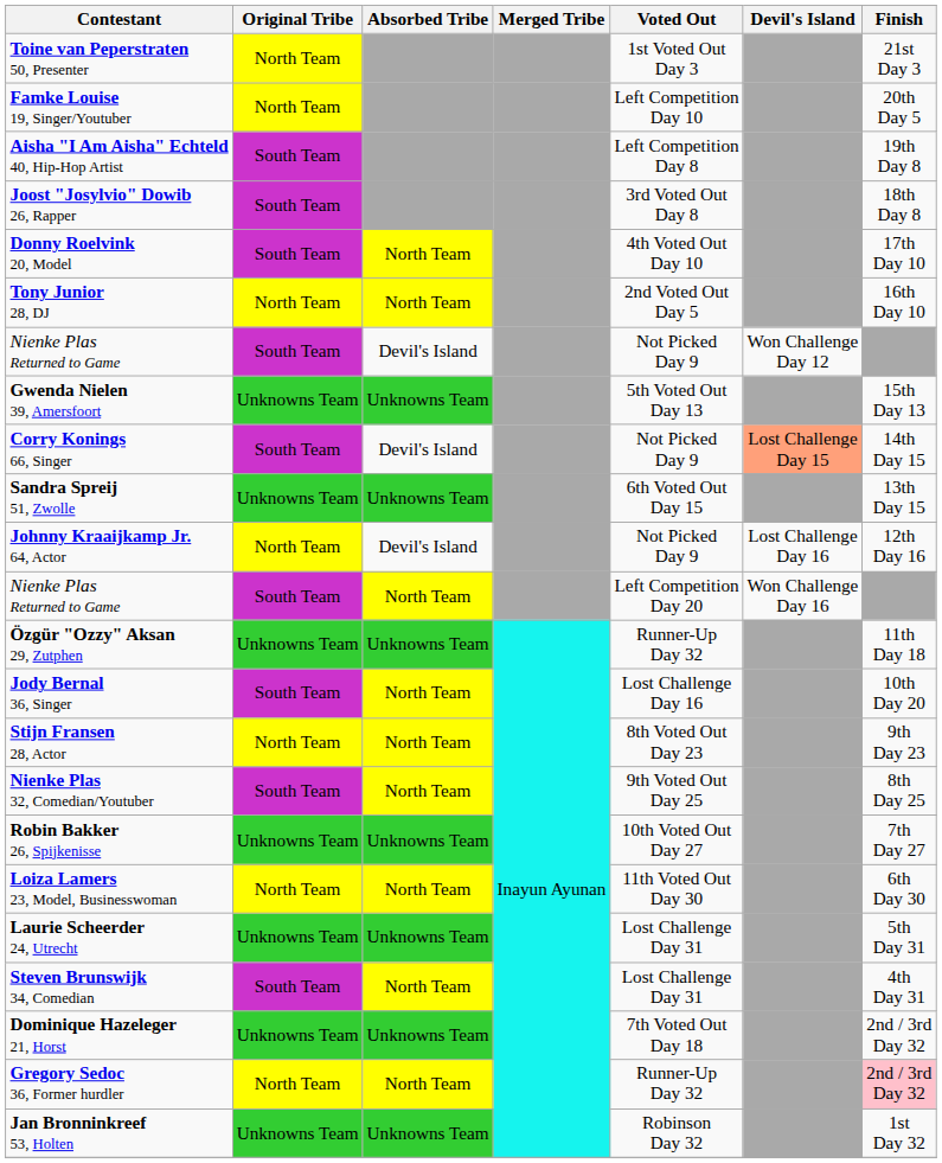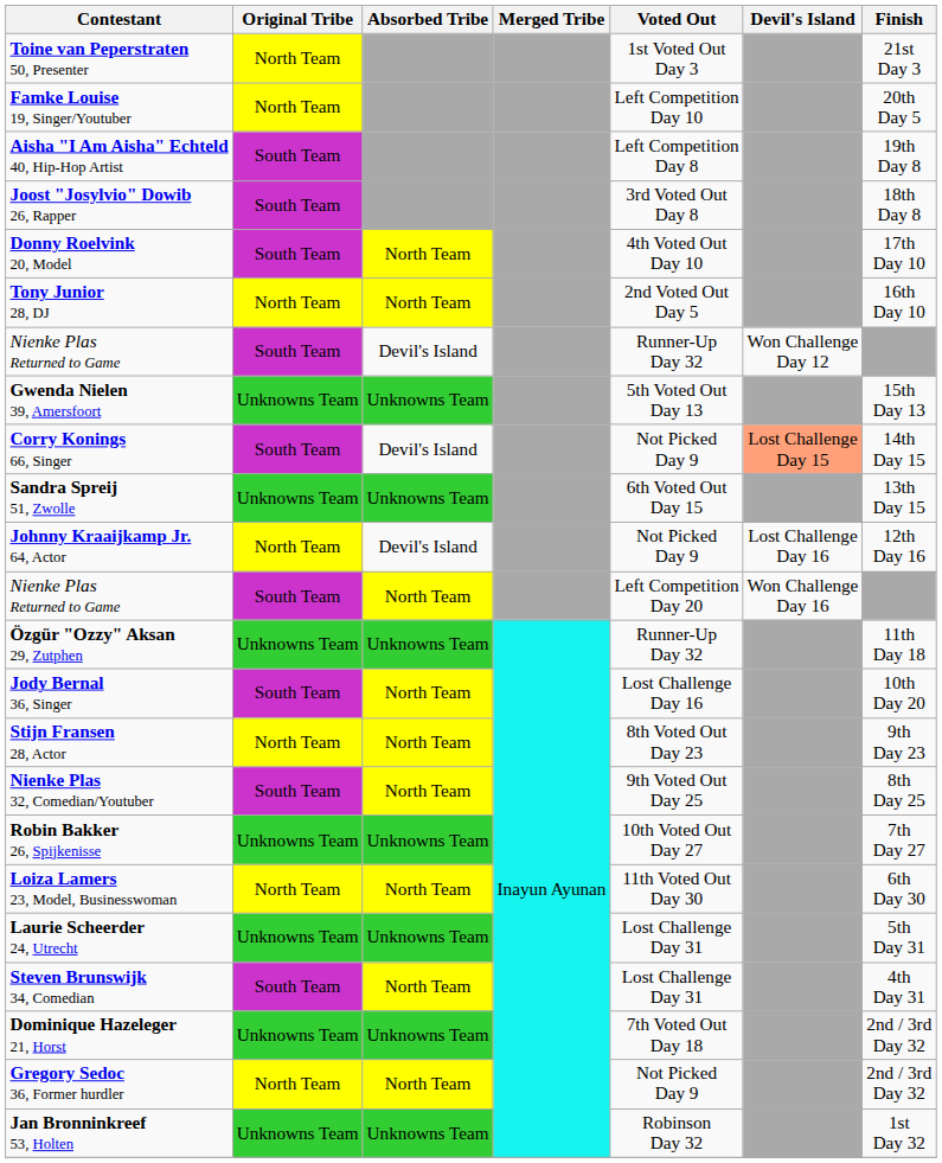 <table class="wikitable" style="margin:auto; text-align:center">
 <tr>
 <th>Contestant</th>
 <th>Original Tribe</th>
 <th>Absorbed Tribe</th>
 <th>Merged Tribe</th>
 <th>Voted Out</th>
 <th>Devil's Island</th>
 <th>Finish</th>
 </tr>
 <tr>
 <td align="left"><strong><a href='#'>Toine van Peperstraten</a></strong><br><small>50, Presenter</small></td>
 <td bgcolor="yellow">North Team</td>
 <td bgcolor="darkgrey"></td>
 <td bgcolor="darkgrey"></td>
 <td>1st Voted Out<br>Day 3</td>
 <td bgcolor="darkgrey"></td>
 <td>21st <br> Day 3</td>
 </tr>
 <tr>
 <td align="left"><strong><a href='#'>Famke Louise</a></strong><br><small>19, Singer/Youtuber</small></td>
 <td bgcolor="yellow">North Team</td>
 <td bgcolor="darkgrey"></td>
 <td bgcolor="darkgrey"></td>
 <td>Left Competition<br>Day 10</td>
 <td bgcolor="darkgrey"></td>
 <td>20th <br> Day 5</td>
 </tr>
 <tr>
 <td align="left"><strong><a href='#'>Aisha "I Am Aisha" Echteld</a></strong><br><small>40, Hip-Hop Artist</small></td>
 <td bgcolor="#CC33CC">South Team</td>
 <td bgcolor="darkgrey"></td>
 <td bgcolor="darkgrey"></td>
 <td>Left Competition<br>Day 8</td>
 <td bgcolor="darkgrey"></td>
 <td>19th <br> Day 8</td>
 </tr>
 <tr>
 <td align="left"><strong><a href='#'>Joost "Josylvio" Dowib</a></strong><br><small>26, Rapper</small></td>
 <td bgcolor="#CC33CC">South Team</td>
 <td bgcolor="darkgrey"></td>
 <td bgcolor="darkgrey"></td>
 <td>3rd Voted Out<br>Day 8</td>
 <td bgcolor="darkgrey"></td>
 <td>18th <br> Day 8</td>
 </tr>
 <tr>
 <td align="left"><strong><a href='#'>Donny Roelvink</a></strong><br><small>20, Model</small></td>
 <td bgcolor="#CC33CC">South Team</td>
 <td bgcolor="yellow">North Team</td>
 <td bgcolor="darkgrey"></td>
 <td>4th Voted Out<br>Day 10</td>
 <td bgcolor="darkgrey"></td>
 <td>17th <br> Day 10</td>
 </tr>
 <tr>
 <td align="left"><strong><a href='#'>Tony Junior</a></strong><br><small>28, DJ</small></td>
 <td bgcolor="yellow">North Team</td>
 <td bgcolor="yellow">North Team</td>
 <td bgcolor="darkgrey"></td>
 <td>2nd Voted Out<br>Day 5</td>
 <td bgcolor="darkgrey"></td>
 <td>16th <br> Day 10</td>
 </tr>
 <tr>
 <td align="left"><em>Nienke Plas<br><small>Returned to Game</small></em></td>
 <td bgcolor="#CC33CC">South Team</td>
 <td bgcolor="">Devil's Island</td>
 <td bgcolor="darkgrey"></td>
-<td>Not Picked<br>Day 9</td>
+<td>Runner-Up<br>Day 32</td>
 <td>Won Challenge<br>Day 12</td>
 <td bgcolor="darkgrey"></td>
 </tr>
 <tr>
 <td align="left"><strong>Gwenda Nielen</strong><br><small>39, <a href='#'>Amersfoort</a></small></td>
 <td bgcolor="limegreen">Unknowns Team</td>
 <td bgcolor="limegreen">Unknowns Team</td>
 <td bgcolor="darkgrey"></td>
 <td>5th Voted Out<br>Day 13</td>
 <td bgcolor="darkgrey"></td>
 <td>15th <br> Day 13</td>
 </tr>
 <tr>
 <td align="left"><strong><a href='#'>Corry Konings</a></strong><br><small>66, Singer</small></td>
 <td bgcolor="#CC33CC">South Team</td>
 <td bgcolor="">Devil's Island</td>
 <td bgcolor="darkgrey"></td>
 <td>Not Picked<br>Day 9</td>
 <td style="background: lightsalmon;">Lost Challenge<br>Day 15</td>
 <td>14th <br> Day 15</td>
 </tr>
 <tr>
 <td align="left"><strong>Sandra Spreij</strong><br><small>51, <a href='#'>Zwolle</a></small></td>
 <td bgcolor="limegreen">Unknowns Team</td>
 <td bgcolor="limegreen">Unknowns Team</td>
 <td bgcolor="darkgrey"></td>
 <td>6th Voted Out<br>Day 15</td>
 <td bgcolor="darkgrey"></td>
 <td>13th <br> Day 15</td>
 </tr>
 <tr>
 <td align="left"><strong><a href='#'>Johnny Kraaijkamp Jr.</a></strong><br><small>64, Actor</small></td>
 <td bgcolor="yellow">North Team</td>
 <td bgcolor="">Devil's Island</td>
 <td bgcolor="darkgrey"></td>
 <td>Not Picked<br>Day 9</td>
 <td>Lost Challenge<br>Day 16</td>
 <td>12th<br>Day 16</td>
 </tr>
 <tr>
 <td align="left"><em>Nienke Plas<br><small>Returned to Game</small></em></td>
 <td bgcolor="#CC33CC">South Team</td>
 <td bgcolor="yellow">North Team</td>
 <td bgcolor="darkgrey"></td>
 <td>Left Competition<br>Day 20</td>
 <td>Won Challenge<br>Day 16</td>
 <td bgcolor="darkgrey"></td>
 </tr>
 <tr>
 <td align="left"><strong>Özgür "Ozzy" Aksan</strong><br><small>29, <a href='#'>Zutphen</a></small></td>
 <td bgcolor="limegreen">Unknowns Team</td>
 <td bgcolor="limegreen">Unknowns Team</td>
 <td bgcolor="#15F4EE" rowspan=11>Inayun Ayunan</td>
 <td>Runner-Up<br>Day 32</td>
 <td bgcolor="darkgrey"></td>
 <td>11th<br>Day 18</td>
 </tr>
 <tr>
 <td align="left"><strong><a href='#'>Jody Bernal</a></strong><br><small>36, Singer</small></td>
 <td bgcolor="#CC33CC">South Team</td>
 <td bgcolor="yellow">North Team</td>
 <td>Lost Challenge<br>Day 16</td>
 <td bgcolor="darkgrey"></td>
 <td>10th <br> Day 20</td>
 </tr>
 <tr>
 <td align="left"><strong><a href='#'>Stijn Fransen</a></strong><br><small>28, Actor</small></td>
 <td bgcolor="yellow">North Team</td>
 <td bgcolor="yellow">North Team</td>
 <td>8th Voted Out<br>Day 23</td>
 <td bgcolor="darkgrey"></td>
 <td>9th<br>Day 23</td>
 </tr>
 <tr>
 <td align="left"><strong><a href='#'>Nienke Plas</a></strong><br><small>32, Comedian/Youtuber</small></td>
 <td bgcolor="#CC33CC">South Team</td>
 <td bgcolor="yellow">North Team</td>
 <td>9th Voted Out<br>Day 25</td>
 <td bgcolor="darkgrey"></td>
 <td>8th<br>Day 25</td>
 </tr>
 <tr>
 <td align="left"><strong>Robin Bakker</strong><br><small>26, <a href='#'>Spijkenisse</a></small></td>
 <td bgcolor="limegreen">Unknowns Team</td>
 <td bgcolor="limegreen">Unknowns Team</td>
 <td>10th Voted Out<br>Day 27</td>
 <td bgcolor="darkgrey"></td>
 <td>7th<br>Day 27</td>
 </tr>
 <tr>
 <td align="left"><strong><a href='#'>Loiza Lamers</a></strong><br><small>23, Model, Businesswoman</small></td>
 <td bgcolor="yellow">North Team</td>
 <td bgcolor="yellow">North Team</td>
 <td>11th Voted Out<br>Day 30</td>
 <td bgcolor="darkgrey"></td>
 <td>6th<br>Day 30</td>
 </tr>
 <tr>
 <td align="left"><strong>Laurie Scheerder</strong><br><small>24, <a href='#'>Utrecht</a></small></td>
 <td bgcolor="limegreen">Unknowns Team</td>
 <td bgcolor="limegreen">Unknowns Team</td>
 <td>Lost Challenge<br>Day 31</td>
 <td bgcolor="darkgrey"></td>
 <td>5th<br>Day 31</td>
 </tr>
 <tr>
 <td align="left"><strong><a href='#'>Steven Brunswijk</a></strong><br><small>34, Comedian</small></td>
 <td bgcolor="#CC33CC">South Team</td>
 <td bgcolor="yellow">North Team</td>
 <td>Lost Challenge<br>Day 31</td>
 <td bgcolor="darkgrey"></td>
 <td>4th<br>Day 31</td>
 </tr>
 <tr>
 <td align="left"><strong>Dominique Hazeleger</strong><br><small>21, <a href='#'>Horst</a></small></td>
 <td bgcolor="limegreen">Unknowns Team</td>
 <td bgcolor="limegreen">Unknowns Team</td>
 <td>7th Voted Out<br>Day 18</td>
 <td bgcolor="darkgrey"></td>
 <td>2nd / 3rd<br>Day 32</td>
 </tr>
 <tr>
 <td align="left"><strong><a href='#'>Gregory Sedoc</a></strong><br><small>36, Former hurdler</small></td>
 <td bgcolor="yellow">North Team</td>
 <td bgcolor="yellow">North Team</td>
-<td>Runner-Up<br>Day 32</td>
+<td>Not Picked<br>Day 9</td>
 <td bgcolor="darkgrey"></td>
-<td style="background: pink;">2nd / 3rd<br>Day 32</td>
+<td>2nd / 3rd<br>Day 32</td>
 </tr>
 <tr>
 <td align="left"><strong>Jan Bronninkreef</strong><br><small>53, <a href='#'>Holten</a></small></td>
 <td bgcolor="limegreen">Unknowns Team</td>
 <td bgcolor="limegreen">Unknowns Team</td>
 <td>Robinson<br>Day 32</td>
 <td bgcolor="darkgrey"></td>
 <td>1st<br>Day 32</td>
 </tr>
 <tr>
 </tr>
 </table>
